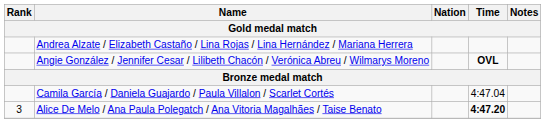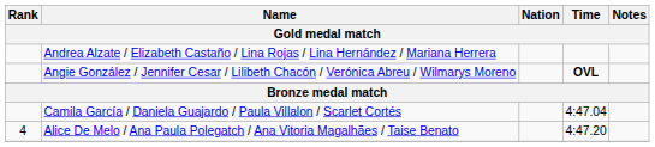 <table class="wikitable" style="text-align:center">
 <tr>
 <th>Rank</th>
 <th>Name</th>
 <th>Nation</th>
 <th>Time</th>
 <th>Notes</th>
 </tr>
 <tr>
 <th colspan="5">Gold medal match</th>
 </tr>
 <tr>
 <td></td>
 <td align=left><a href='#'>Andrea Alzate</a> / <a href='#'>Elizabeth Castaño</a> / <a href='#'>Lina Rojas</a> / <a href='#'>Lina Hernández</a> / <a href='#'>Mariana Herrera</a></td>
 <td align=left></td>
 <td></td>
 <td></td>
 </tr>
 <tr>
 <td></td>
 <td align=left><a href='#'>Angie González</a> / <a href='#'>Jennifer Cesar</a> / <a href='#'>Lilibeth Chacón</a> / <a href='#'>Verónica Abreu</a> / <a href='#'>Wilmarys Moreno</a></td>
 <td align=left></td>
 <td><strong>OVL</strong></td>
 <td></td>
 </tr>
 <tr>
 <th colspan="5">Bronze medal match</th>
 </tr>
 <tr>
 <td></td>
 <td align=left><a href='#'>Camila García</a> / <a href='#'>Daniela Guajardo</a> / <a href='#'>Paula Villalon</a> / <a href='#'>Scarlet Cortés</a></td>
 <td align=left></td>
 <td>4:47.04</td>
 </tr>
 <tr>
-<td>3</td>
+<td>4</td>
 <td align=left><a href='#'>Alice De Melo</a> / <a href='#'>Ana Paula Polegatch</a> / <a href='#'>Ana Vitoria Magalhães</a> / <a href='#'>Taise Benato</a></td>
 <td align=left></td>
-<td><strong>4:47.20</strong></td>
+<td>4:47.20</td>
 <td></td>
 </tr>
 <tr>
 </tr>
 </table>
